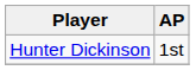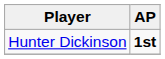 <table class="wikitable" style="white-space:nowrap; font-size:90%;">
 <tr>
 <td align="center" style="background:#f0f0f0;"><strong>Player</strong></td>
 <td align="center" style="background:#f0f0f0;"><strong>AP</strong></td>
 </tr>
 <tr>
 <td><a href='#'>Hunter Dickinson</a></td>
-<td>1st</td>
+<td><strong>1st</strong></td>
 </tr>
 <tr>
 </tr>
 </table>
